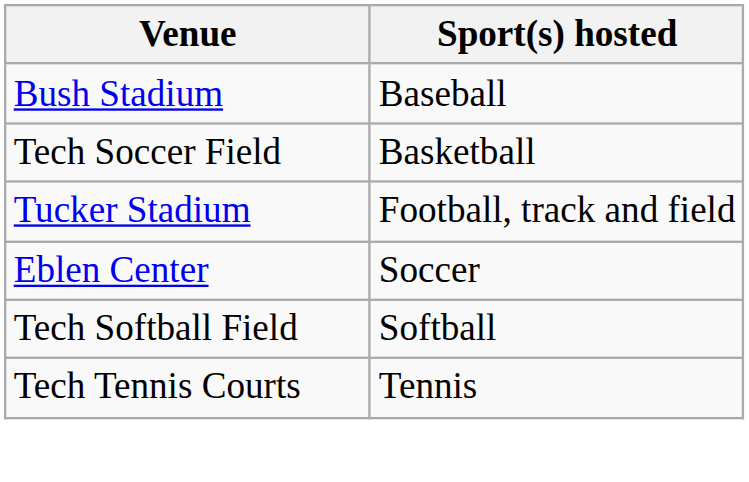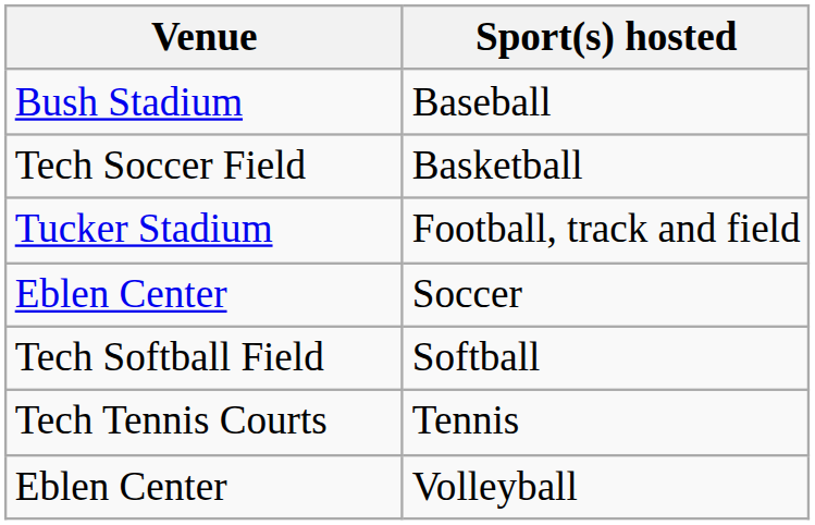 <table class="wikitable" style="">
 <tr>
 <th width=150px>Venue</th>
 <th width=px>Sport(s) hosted</th>
 </tr>
 <tr>
 <td><a href='#'>Bush Stadium</a></td>
 <td>Baseball</td>
 </tr>
 <tr>
 <td>Tech Soccer Field</td>
 <td>Basketball</td>
 </tr>
 <tr>
 <td><a href='#'>Tucker Stadium</a></td>
 <td>Football, track and field</td>
 </tr>
 <tr>
 <td><a href='#'>Eblen Center</a></td>
 <td>Soccer</td>
 </tr>
 <tr>
 <td>Tech Softball Field</td>
 <td>Softball</td>
 </tr>
 <tr>
 <td>Tech Tennis Courts</td>
 <td>Tennis</td>
 </tr>
+<tr>
+<td>Eblen Center</td>
+<td>Volleyball</td>
+</tr>
 </table>
